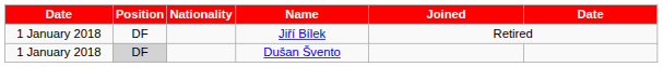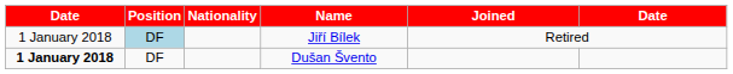 <table class="wikitable"  style="text-align:center; font-size:90%; ">
 <tr>
 <th style="background:#ff0000; color:white; width:120px;">Date</th>
 <th style="background:#ff0000; color:white; width:55px;">Position</th>
 <th style="background:#ff0000; color:white; width:55px;">Nationality</th>
 <th style="background:#ff0000; color:white; width:150px;">Name</th>
 <th style="background:#ff0000; color:white; width:175px;">Joined</th>
 <th style="background:#ff0000; color:white; width:150px;">Date</th>
 </tr>
 <tr>
 <td>1 January 2018</td>
-<td>DF</td>
+<td style="background: lightblue;">DF</td>
 <td></td>
 <td><a href='#'>Jiří Bílek</a></td>
 <td colspan="2">Retired</td>
 </tr>
 <tr>
-<td>1 January 2018</td>
-<td style="background: lightgrey;">DF</td>
+<td><strong>1 January 2018</strong></td>
+<td>DF</td>
 <td></td>
 <td><a href='#'>Dušan Švento</a></td>
 <td></td>
 <td></td>
 </tr>
 </table>
